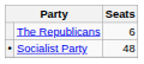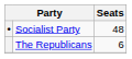 <table class="wikitable" style="font-size: 95%;">
 <tr>
 <th colspan=2>Party</th>
 <th>Seats</th>
+</tr>
+<tr>
+<th style="background-color: "><span>•</span></th>
+<td><a href='#'>Socialist Party</a></td>
+<td align="right">48</td>
 </tr>
 <tr>
 <th style="background-color: "></th>
 <td><a href='#'>The Republicans</a></td>
 <td align="right">6</td>
 </tr>
 <tr>
-<th style="background-color: "><span>•</span></th>
-<td><a href='#'>Socialist Party</a></td>
-<td align="right">48</td>
-</tr>
-<tr>
 </tr>
 <tr>
 </tr>
 </table>
